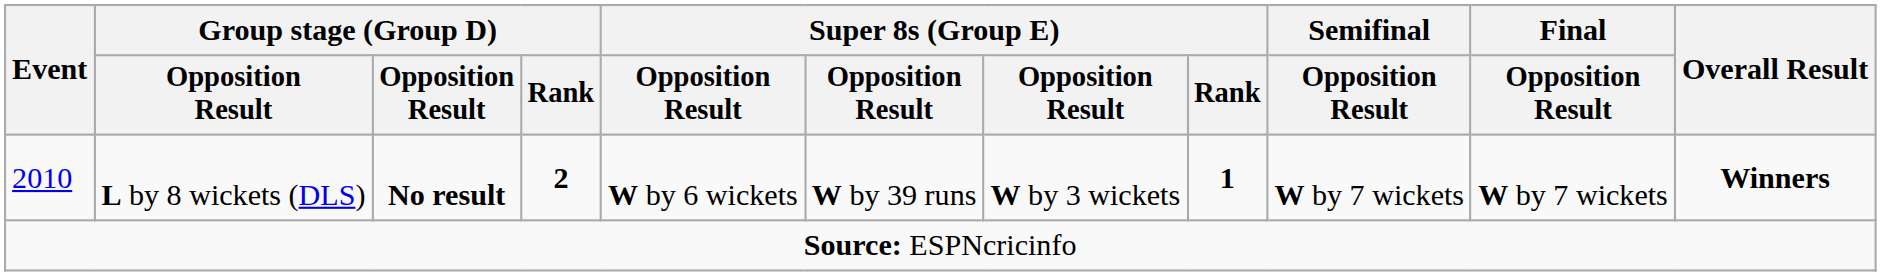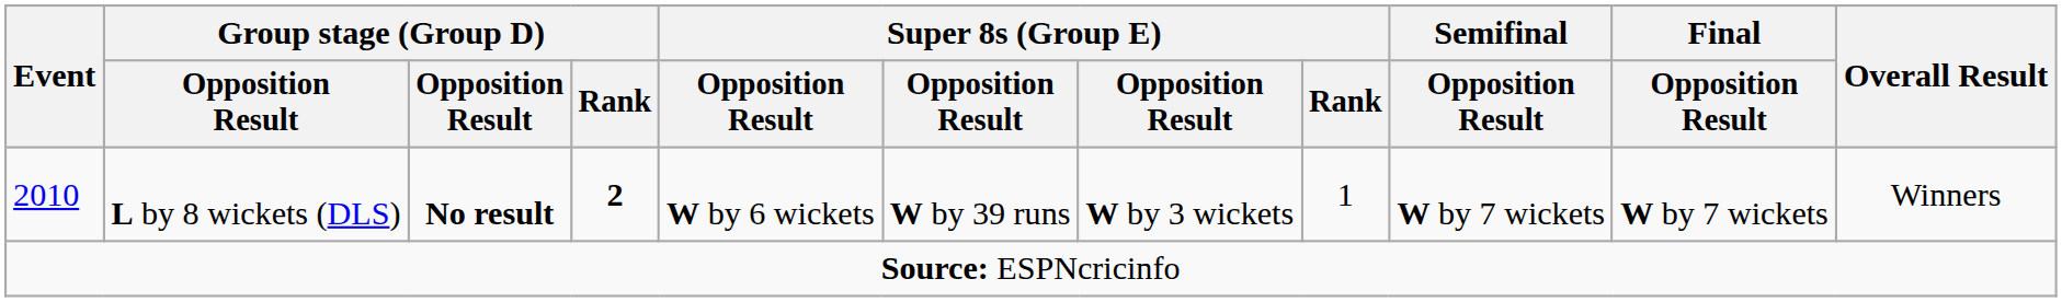 <table class=wikitable style=font-size:90%;text-align:center>
 <tr>
 <th rowspan=2>Event</th>
 <th colspan=3>Group stage (Group D)</th>
 <th colspan=4>Super 8s (Group E)</th>
 <th>Semifinal</th>
 <th>Final</th>
 <th rowspan=2>Overall Result</th>
 </tr>
 <tr style=font-size:95%>
 <th>Opposition<br>Result</th>
 <th>Opposition<br>Result</th>
 <th>Rank</th>
 <th>Opposition<br>Result</th>
 <th>Opposition<br>Result</th>
 <th>Opposition<br>Result</th>
 <th>Rank</th>
 <th>Opposition<br>Result</th>
 <th>Opposition<br>Result</th>
 </tr>
 <tr>
 <td align=left><a href='#'>2010</a></td>
 <td><br><strong>L</strong> by 8 wickets (<a href='#'>DLS</a>)</td>
 <td><br><strong>No result</strong></td>
 <td><strong>2</strong></td>
 <td><br><strong>W</strong> by 6 wickets</td>
 <td><br><strong>W</strong> by 39 runs</td>
 <td><br><strong>W</strong> by 3 wickets</td>
-<td><strong>1</strong></td>
+<td>1</td>
 <td><br><strong>W</strong> by 7 wickets</td>
 <td><br><strong>W</strong> by 7 wickets</td>
-<td><strong>Winners</strong></td>
+<td>Winners</td>
 </tr>
 <tr>
 <td colspan="11"><strong>Source:</strong> ESPNcricinfo</td>
 </tr>
 </table>
